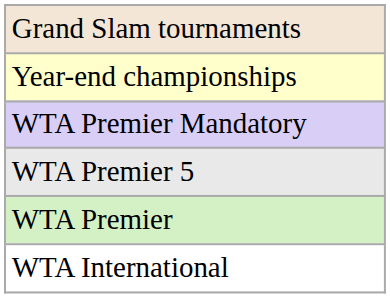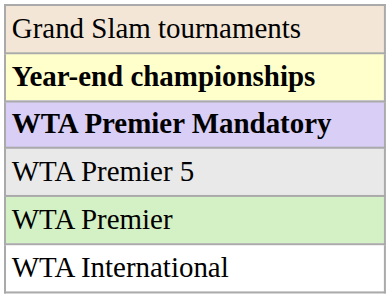 <table class=wikitable style=font-size:90%;width:15%>
 <tr style="background:#F3E6D7;">
 <td>Grand Slam tournaments</td>
 </tr>
 <tr style="background:#ffc;">
-<td>Year-end championships</td>
+<td><strong>Year-end championships</strong></td>
 </tr>
 <tr style="background:#d8cef6;">
-<td>WTA Premier Mandatory</td>
+<td><strong>WTA Premier Mandatory</strong></td>
 </tr>
 <tr style="background:#E9E9E9;">
 <td>WTA Premier 5</td>
 </tr>
 <tr style="background:#D4F1C5;">
 <td>WTA Premier</td>
 </tr>
 <tr style="background:#fff;">
 <td>WTA International</td>
 </tr>
 </table>
